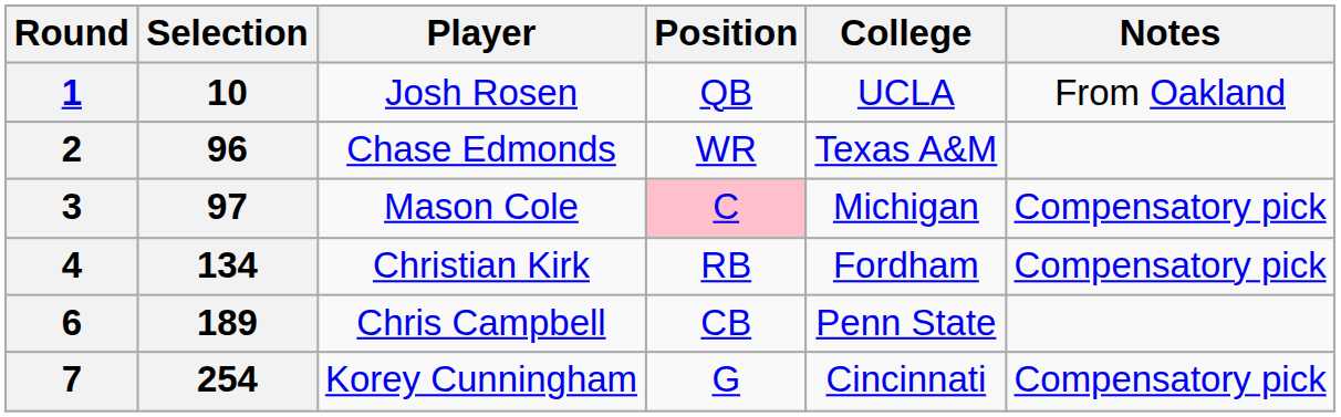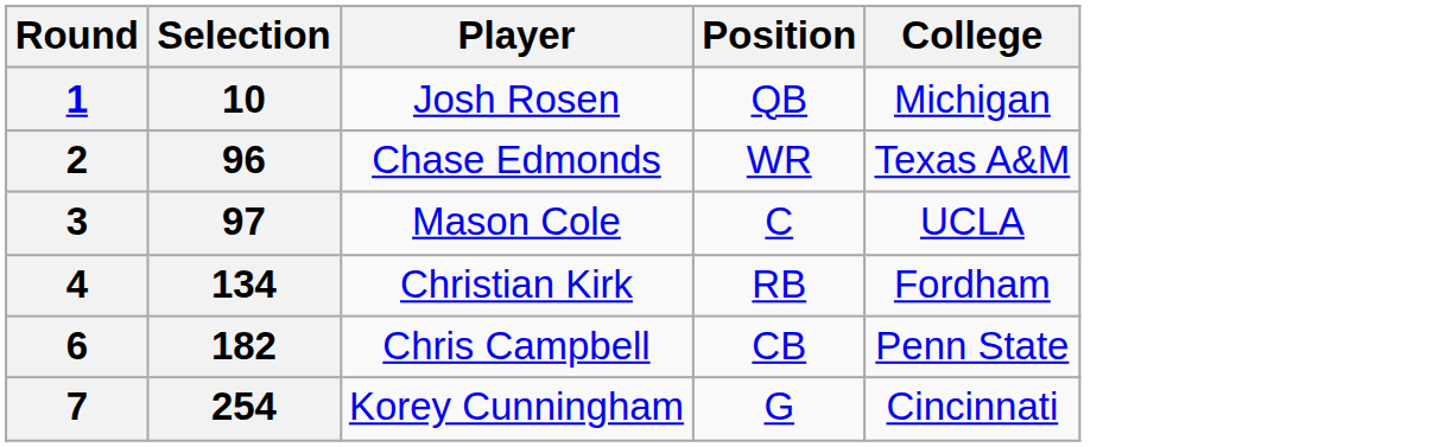 <table class="wikitable" style="text-align:center">
 <tr>
 <th>Round</th>
 <th>Selection</th>
 <th>Player</th>
 <th>Position</th>
 <th>College</th>
-<th>Notes</th>
 </tr>
 <tr>
 <th><a href='#'>1</a></th>
 <th>10</th>
 <td><a href='#'>Josh Rosen</a></td>
 <td><a href='#'>QB</a></td>
-<td><a href='#'>UCLA</a></td>
-<td>From <a href='#'>Oakland</a></td>
+<td><a href='#'>Michigan</a></td>
 </tr>
 <tr>
 <th>2</th>
 <th>96</th>
 <td><a href='#'>Chase Edmonds</a></td>
 <td><a href='#'>WR</a></td>
 <td><a href='#'>Texas A&M</a></td>
-<td></td>
 </tr>
 <tr>
 <th>3</th>
 <th>97</th>
 <td><a href='#'>Mason Cole</a></td>
-<td style="background: pink;"><a href='#'>C</a></td>
-<td><a href='#'>Michigan</a></td>
-<td><a href='#'>Compensatory pick</a></td>
+<td><a href='#'>C</a></td>
+<td><a href='#'>UCLA</a></td>
 </tr>
 <tr>
 <th>4</th>
 <th>134</th>
 <td><a href='#'>Christian Kirk</a></td>
 <td><a href='#'>RB</a></td>
 <td><a href='#'>Fordham</a></td>
-<td><a href='#'>Compensatory pick</a></td>
 </tr>
 <tr>
 <th>6</th>
-<th>189</th>
+<th>182</th>
 <td><a href='#'>Chris Campbell</a></td>
 <td><a href='#'>CB</a></td>
 <td><a href='#'>Penn State</a></td>
-<td></td>
 </tr>
 <tr>
 <th>7</th>
 <th>254</th>
 <td><a href='#'>Korey Cunningham</a></td>
 <td><a href='#'>G</a></td>
 <td><a href='#'>Cincinnati</a></td>
-<td><a href='#'>Compensatory pick</a></td>
 </tr>
 </table>
